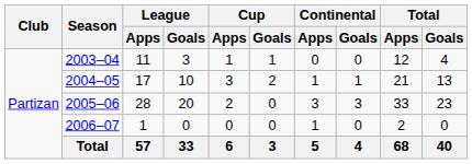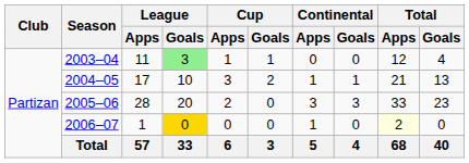 <table class="wikitable" style="text-align:center">
 <tr>
 <th rowspan="2">Club</th>
 <th rowspan="2">Season</th>
 <th colspan="2">League</th>
 <th colspan="2">Cup</th>
 <th colspan="2">Continental</th>
 <th colspan="2">Total</th>
 </tr>
 <tr>
 <th>Apps</th>
 <th>Goals</th>
 <th>Apps</th>
 <th>Goals</th>
 <th>Apps</th>
 <th>Goals</th>
 <th>Apps</th>
 <th>Goals</th>
 </tr>
 <tr>
 <td rowspan="5"><a href='#'>Partizan</a></td>
 <td><a href='#'>2003–04</a></td>
 <td>11</td>
-<td>3</td>
+<td style="background: lightgreen;">3</td>
 <td>1</td>
 <td>1</td>
 <td>0</td>
 <td>0</td>
 <td>12</td>
 <td>4</td>
 </tr>
 <tr>
 <td><a href='#'>2004–05</a></td>
 <td>17</td>
 <td>10</td>
 <td>3</td>
 <td>2</td>
 <td>1</td>
 <td>1</td>
 <td>21</td>
 <td>13</td>
 </tr>
 <tr>
 <td><a href='#'>2005–06</a></td>
 <td>28</td>
 <td>20</td>
 <td>2</td>
 <td>0</td>
 <td>3</td>
 <td>3</td>
 <td>33</td>
 <td>23</td>
 </tr>
 <tr>
 <td><a href='#'>2006–07</a></td>
 <td>1</td>
-<td>0</td>
+<td style="background: gold;">0</td>
 <td>0</td>
 <td>0</td>
 <td>1</td>
 <td>0</td>
-<td>2</td>
+<td style="background: lightyellow;">2</td>
 <td>0</td>
 </tr>
 <tr>
 <th>Total</th>
 <th>57</th>
 <th>33</th>
 <th>6</th>
 <th>3</th>
 <th>5</th>
 <th>4</th>
 <th>68</th>
 <th>40</th>
 </tr>
 </table>
